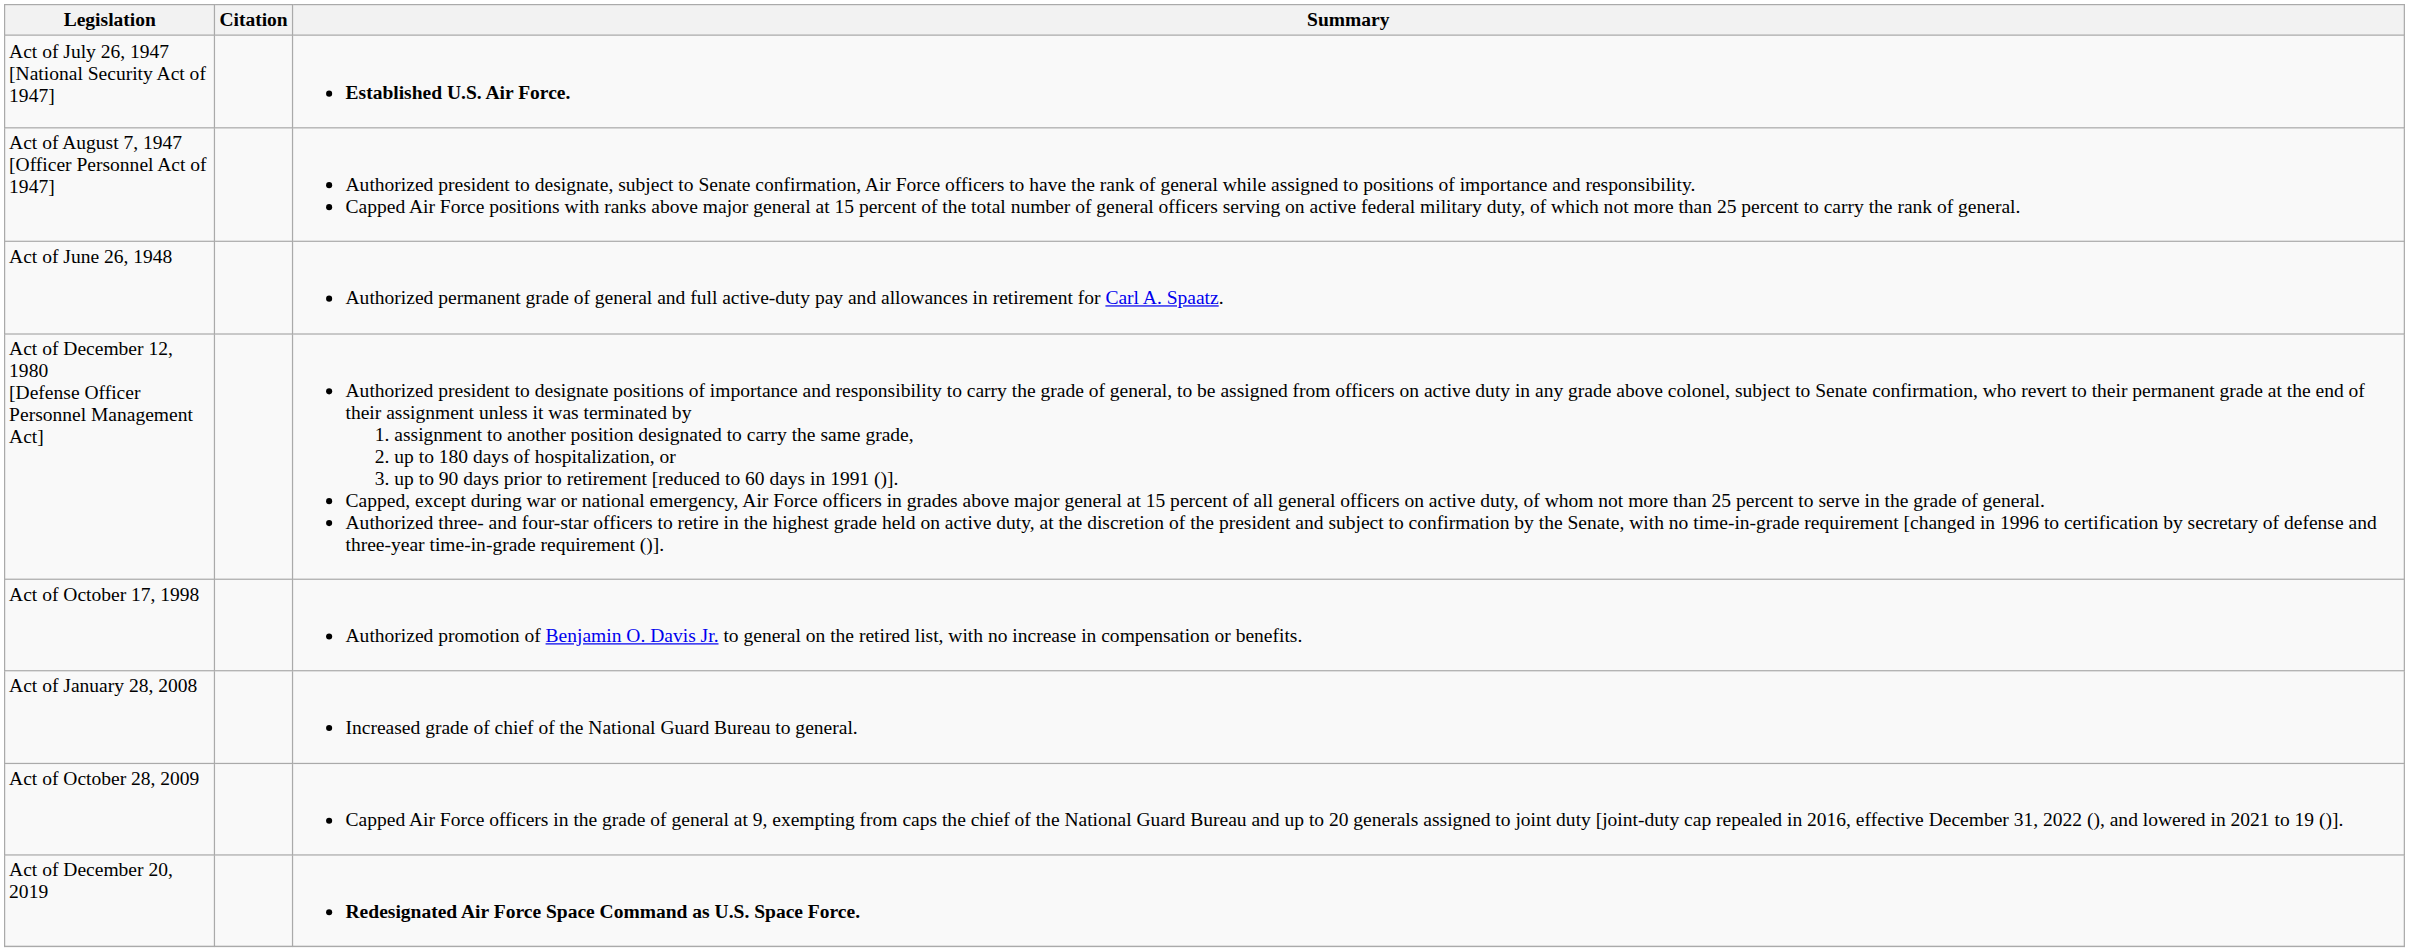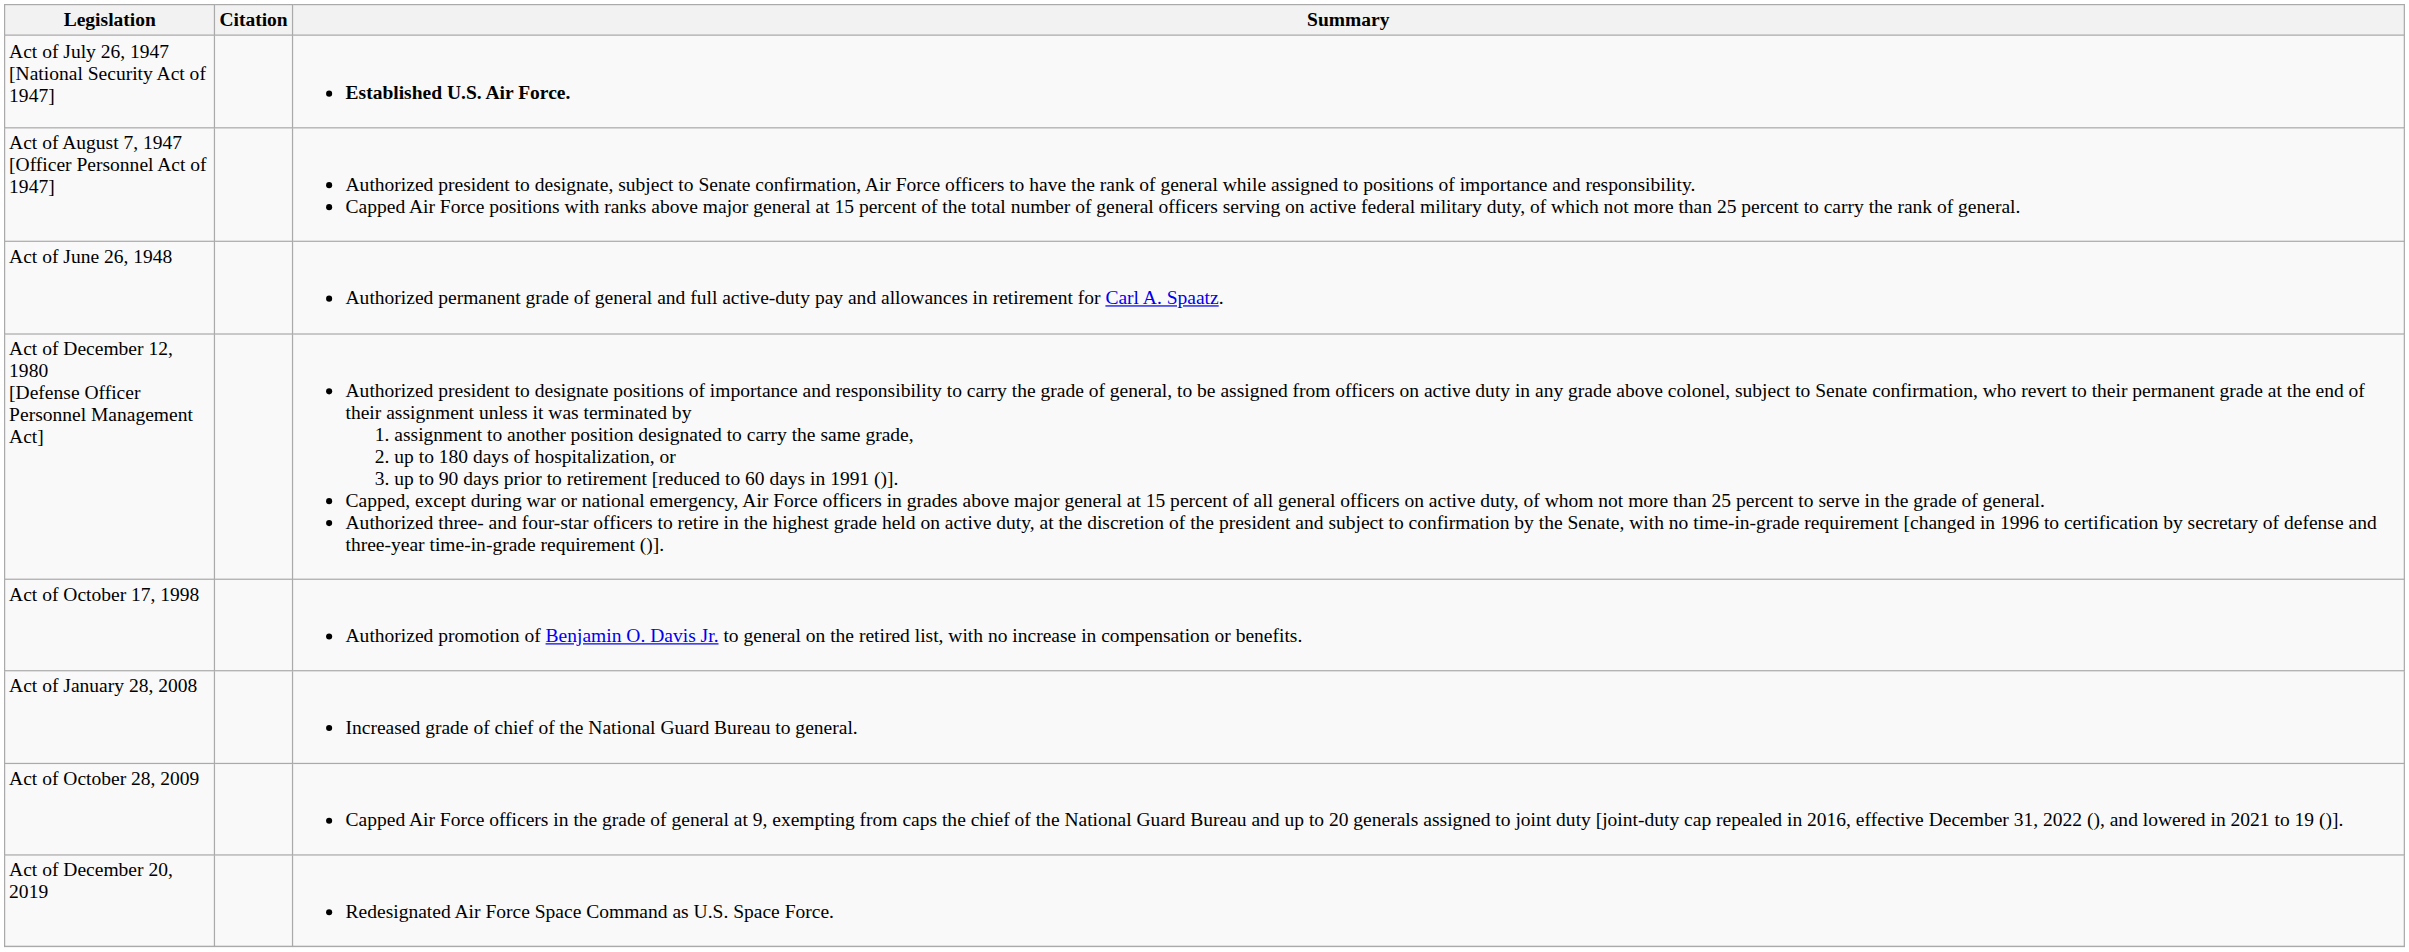 <table class="wikitable">
 <tr>
 <th width=165>Legislation</th>
 <th>Citation</th>
 <th>Summary</th>
 </tr>
 <tr valign=top>
 <td>Act of July 26, 1947<br>[National Security Act of 1947]</td>
 <td> </td>
 <td><strong><br><ul><li>Established U.S. Air Force.</li></ul></strong></td>
 </tr>
 <tr valign=top>
 <td>Act of August 7, 1947<br>[Officer Personnel Act of 1947]</td>
 <td> </td>
 <td><br><ul><li>Authorized president to designate, subject to Senate confirmation, Air Force officers to have the rank of general while assigned to positions of importance and responsibility.</li><li>Capped Air Force positions with ranks above major general at 15 percent of the total number of general officers serving on active federal military duty, of which not more than 25 percent to carry the rank of general.</li></ul></td>
 </tr>
 <tr valign=top>
 <td>Act of June 26, 1948</td>
 <td> </td>
 <td><br><ul><li>Authorized permanent grade of general and full active-duty pay and allowances in retirement for <a href='#'>Carl A. Spaatz</a>.</li></ul></td>
 </tr>
 <tr valign=top>
 <td>Act of December 12, 1980<br>[Defense Officer Personnel Management Act]</td>
 <td> <br> <br> </td>
 <td><br><ul><li>Authorized president to designate positions of importance and responsibility to carry the grade of general, to be assigned from officers on active duty in any grade above colonel, subject to Senate confirmation, who revert to their permanent grade at the end of their assignment unless it was terminated by<ol><li>assignment to another position designated to carry the same grade,</li><li>up to 180 days of hospitalization, or</li><li>up to 90 days prior to retirement [reduced to 60 days in 1991 ()].</li></ol></li><li>Capped, except during war or national emergency, Air Force officers in grades above major general at 15 percent of all general officers on active duty, of whom not more than 25 percent to serve in the grade of general.</li><li>Authorized three- and four-star officers to retire in the highest grade held on active duty, at the discretion of the president and subject to confirmation by the Senate, with no time-in-grade requirement [changed in 1996 to certification by secretary of defense and three-year time-in-grade requirement ()].</li></ul></td>
 </tr>
 <tr valign=top>
 <td>Act of October 17, 1998</td>
 <td> </td>
 <td><br><ul><li>Authorized promotion of <a href='#'>Benjamin O. Davis Jr.</a> to general on the retired list, with no increase in compensation or benefits.</li></ul></td>
 </tr>
 <tr valign=top>
 <td>Act of January 28, 2008</td>
 <td> </td>
 <td><br><ul><li>Increased grade of chief of the National Guard Bureau to general.</li></ul></td>
 </tr>
 <tr valign=top>
 <td>Act of October 28, 2009</td>
 <td> <br> <br> </td>
 <td><br><ul><li>Capped Air Force officers in the grade of general at 9, exempting from caps the chief of the National Guard Bureau and up to 20 generals assigned to joint duty [joint-duty cap repealed in 2016, effective December 31, 2022 (), and lowered in 2021 to 19 ()].</li></ul></td>
 </tr>
 <tr valign=top>
 <td>Act of December 20, 2019</td>
 <td> </td>
-<td><strong><br><ul><li>Redesignated Air Force Space Command as U.S. Space Force.</li></ul></strong></td>
+<td><br><ul><li>Redesignated Air Force Space Command as U.S. Space Force.</li></ul></td>
 </tr>
 <tr>
 </tr>
 </table>
